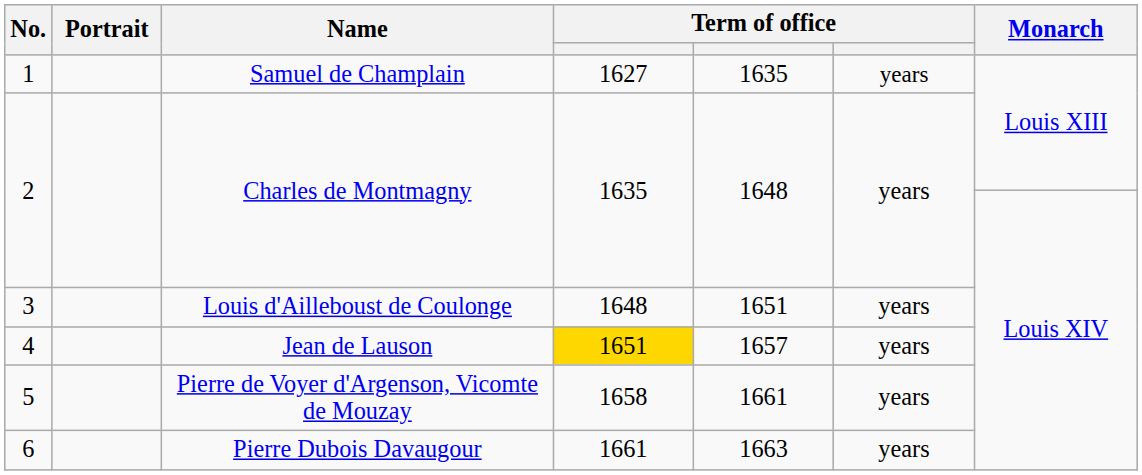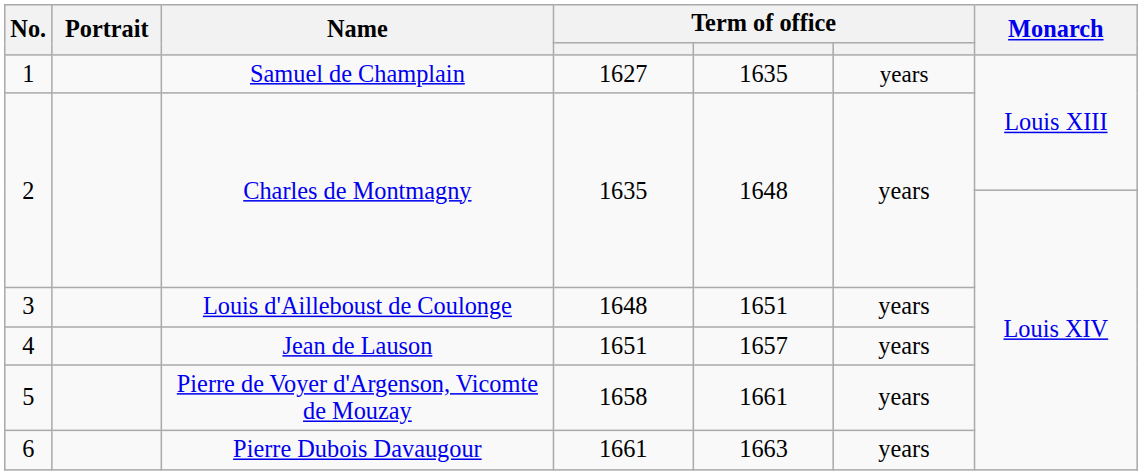 <table class="wikitable sortable sticky-header-multi" style="text-align:center; border:1px #aaf solid;">
 <tr>
 <th rowspan="2">No.</th>
 <th rowspan="2" width="65">Portrait</th>
 <th rowspan="2" width="250">Name<br></th>
 <th colspan="3">Term of office</th>
 <th rowspan="2" width="100"><a href='#'>Monarch</a><br></th>
 </tr>
 <tr>
 <th width="85"></th>
 <th width="85"></th>
 <th width="85"></th>
 </tr>
 <tr>
 <td>1</td>
 <td width="65"></td>
 <td><a href='#'>Samuel de Champlain</a><br></td>
 <td class="nowrap">1627</td>
 <td class="nowrap">1635</td>
 <td style="font-size:95%;"> years</td>
 <td rowspan="2"><a href='#'>Louis XIII</a><br></td>
 </tr>
 <tr style="height:64px;">
 <td rowspan="2">2</td>
 <td rowspan="2"></td>
 <td rowspan="2"><a href='#'>Charles de Montmagny</a><br></td>
 <td rowspan="2">1635</td>
 <td rowspan="2">1648</td>
 <td rowspan="2"> years</td>
 </tr>
 <tr style="height:64px;">
 <td rowspan="5"><a href='#'>Louis XIV</a><br></td>
 </tr>
 <tr>
 <td>3</td>
 <td></td>
 <td><a href='#'>Louis d'Ailleboust de Coulonge</a><br></td>
 <td>1648</td>
 <td>1651</td>
 <td> years</td>
 </tr>
 <tr>
 <td>4</td>
 <td></td>
 <td><a href='#'>Jean de Lauson</a><br></td>
-<td style="background: gold;">1651</td>
+<td>1651</td>
 <td>1657</td>
 <td> years</td>
 </tr>
 <tr>
 <td>5</td>
 <td></td>
 <td><a href='#'>Pierre de Voyer d'Argenson, Vicomte de Mouzay</a><br></td>
 <td>1658</td>
 <td>1661</td>
 <td> years</td>
 </tr>
 <tr>
 <td>6</td>
 <td></td>
 <td><a href='#'>Pierre Dubois Davaugour</a><br></td>
 <td>1661</td>
 <td>1663</td>
 <td> years</td>
 </tr>
 </table>
